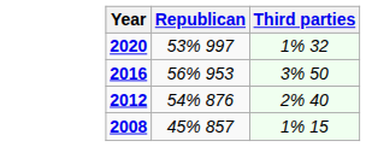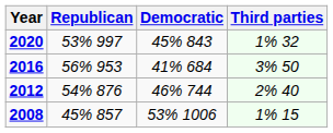 <table class="wikitable" style="float:right; font-size:95%;">
 <tr bgcolor=lightgrey>
 <th>Year</th>
 <th><a href='#'>Republican</a></th>
+<th><a href='#'>Democratic</a></th>
 <th><a href='#'>Third parties</a></th>
 </tr>
 <tr>
 <td style="text-align:center; "><strong><a href='#'>2020</a></strong></td>
 <td style="text-align:center; "><em>53%</em> <em>997</em></td>
+<td style="text-align:center; "><em>45%</em> <em>843</em></td>
 <td style="text-align:center; background:honeyDew;"><em>1%</em> <em>32</em></td>
 </tr>
 <tr>
 <td style="text-align:center; "><strong><a href='#'>2016</a></strong></td>
 <td style="text-align:center; "><em>56%</em> <em>953</em></td>
+<td style="text-align:center; "><em>41%</em> <em>684</em></td>
 <td style="text-align:center; background:honeyDew;"><em>3%</em> <em>50</em></td>
 </tr>
 <tr>
 <td style="text-align:center; "><strong><a href='#'>2012</a></strong></td>
 <td style="text-align:center; "><em>54%</em> <em>876</em></td>
+<td style="text-align:center; "><em>46%</em> <em>744</em></td>
 <td style="text-align:center; background:honeyDew;"><em>2%</em> <em>40</em></td>
 </tr>
 <tr>
 <td style="text-align:center; "><strong><a href='#'>2008</a></strong></td>
 <td style="text-align:center; "><em>45%</em> <em>857</em></td>
+<td style="text-align:center; "><em>53%</em> <em>1006</em></td>
 <td style="text-align:center; background:honeyDew;"><em>1%</em> <em>15</em></td>
 </tr>
 </table>
